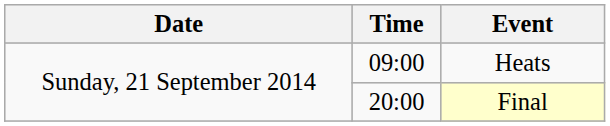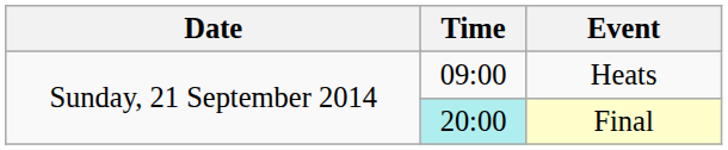 <table class = "wikitable" style="text-align:center;">
 <tr>
 <th width=220>Date</th>
 <th width=50>Time</th>
 <th width=100>Event</th>
 </tr>
 <tr>
 <td rowspan=2>Sunday, 21 September 2014</td>
 <td>09:00</td>
 <td>Heats</td>
 </tr>
 <tr>
-<td>20:00</td>
+<td style="background: paleturquoise;">20:00</td>
 <td bgcolor=ffffcc>Final</td>
 </tr>
 </table>
